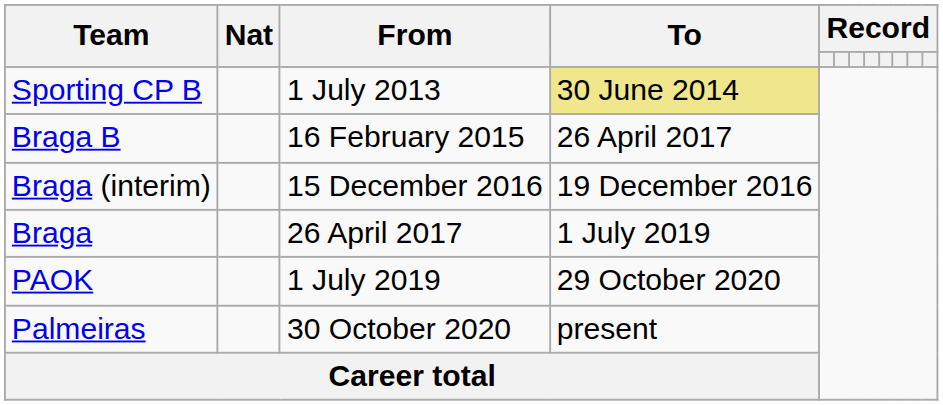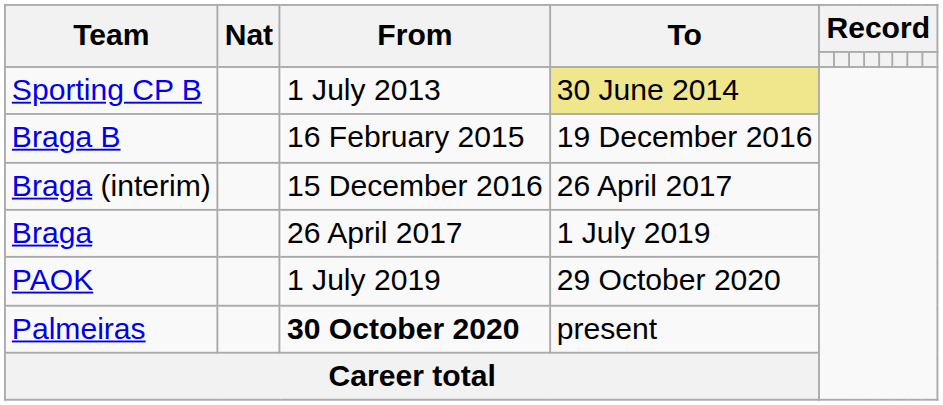 <table class="wikitable" style="text-align: center">
 <tr>
 <th rowspan=2>Team</th>
 <th rowspan=2>Nat</th>
 <th rowspan=2>From</th>
 <th rowspan=2>To</th>
 <th colspan="8">Record</th>
 </tr>
 <tr>
 <th></th>
 <th></th>
 <th></th>
 <th></th>
 <th></th>
 <th></th>
 <th></th>
 <th></th>
 </tr>
 <tr>
 <td align=left><a href='#'>Sporting CP B</a></td>
 <td></td>
 <td align=left>1 July 2013</td>
 <td align=left style="background: khaki;">30 June 2014<br></td>
 </tr>
 <tr>
 <td align=left><a href='#'>Braga B</a></td>
 <td></td>
 <td align=left>16 February 2015</td>
-<td align=left>26 April 2017<br></td>
+<td align=left>19 December 2016<br></td>
 </tr>
 <tr>
 <td align=left><a href='#'>Braga</a> (interim)</td>
 <td></td>
 <td align=left>15 December 2016</td>
-<td align=left>19 December 2016<br></td>
+<td align=left>26 April 2017<br></td>
 </tr>
 <tr>
 <td align=left><a href='#'>Braga</a></td>
 <td></td>
 <td align=left>26 April 2017</td>
 <td align=left>1 July 2019<br></td>
 </tr>
 <tr>
 <td align=left><a href='#'>PAOK</a></td>
 <td></td>
 <td align=left>1 July 2019</td>
 <td align=left>29 October 2020<br></td>
 </tr>
 <tr>
 <td align=left><a href='#'>Palmeiras</a></td>
 <td></td>
-<td align=left>30 October 2020</td>
+<td align=left><strong>30 October 2020</strong></td>
 <td align=left>present<br></td>
 </tr>
 <tr>
 <th colspan=4>Career total<br></th>
 </tr>
 </table>
